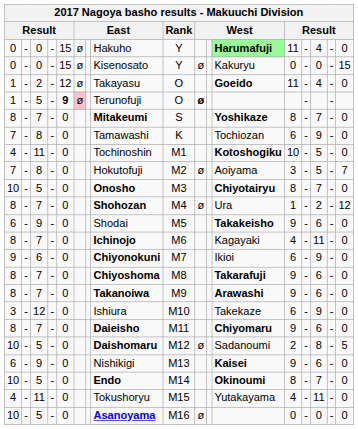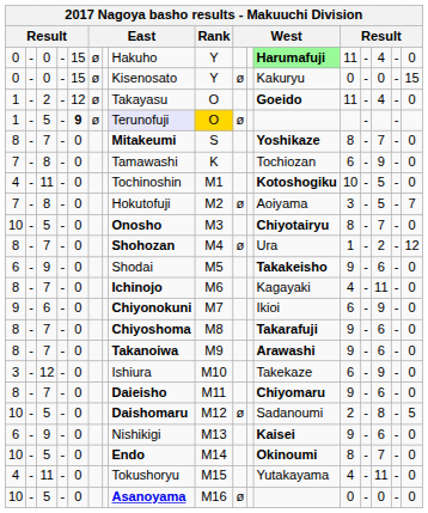 <table class="wikitable">
 <tr>
 <th colspan="17">2017 Nagoya basho results - Makuuchi Division</th>
 </tr>
 <tr>
 <th colspan="5">Result</th>
 <th colspan="3">East</th>
 <th>Rank</th>
 <th colspan="3">West</th>
 <th colspan="5">Result</th>
 </tr>
 <tr>
 <td align=center>0</td>
 <td align=center>-</td>
 <td align=center>0</td>
 <td align=center>-</td>
 <td align=center>15</td>
 <td align=center>ø</td>
 <td align=center></td>
 <td>Hakuho</td>
 <td align=center>Y</td>
 <td align=center></td>
 <td align=center></td>
 <td style="background: PaleGreen;"><strong>Harumafuji</strong></td>
 <td align=center>11</td>
 <td align=center>-</td>
 <td align=center>4</td>
 <td align=center>-</td>
 <td align=center>0</td>
 </tr>
 <tr>
 <td align=center>0</td>
 <td align=center>-</td>
 <td align=center>0</td>
 <td align=center>-</td>
 <td align=center>15</td>
 <td align=center>ø</td>
 <td align=center></td>
 <td>Kisenosato</td>
 <td align=center>Y</td>
 <td align=center>ø</td>
 <td align=center></td>
 <td>Kakuryu</td>
 <td align=center>0</td>
 <td align=center>-</td>
 <td align=center>0</td>
 <td align=center>-</td>
 <td align=center>15</td>
 </tr>
 <tr>
 <td align=center>1</td>
 <td align=center>-</td>
 <td align=center>2</td>
 <td align=center>-</td>
 <td align=center>12</td>
 <td align=center>ø</td>
 <td align=center></td>
 <td>Takayasu</td>
 <td align=center>O</td>
 <td align=center></td>
 <td align=center></td>
 <td><strong>Goeido</strong></td>
 <td align=center>11</td>
 <td align=center>-</td>
 <td align=center>4</td>
 <td align=center>-</td>
 <td align=center>0</td>
 </tr>
 <tr>
 <td align=center>1</td>
 <td align=center>-</td>
 <td align=center>5</td>
 <td align=center>-</td>
 <td align=center><strong>9</strong></td>
-<td align=center style="background: pink;">ø</td>
+<td align=center>ø</td>
 <td align=center></td>
-<td>Terunofuji</td>
-<td align=center>O</td>
-<td align=center><strong>ø</strong></td>
+<td style="background: lavender;">Terunofuji</td>
+<td align=center style="background: gold;">O</td>
+<td align=center>ø</td>
 <td align=center></td>
 <td></td>
 <td align=center></td>
 <td align=center>-</td>
 <td align=center></td>
 <td align=center>-</td>
 <td align=center></td>
 </tr>
 <tr>
 <td align=center>8</td>
 <td align=center>-</td>
 <td align=center>7</td>
 <td align=center>-</td>
 <td align=center>0</td>
 <td align=center></td>
 <td align=center></td>
 <td><strong>Mitakeumi</strong></td>
 <td align=center>S</td>
 <td align=center></td>
 <td align=center></td>
 <td><strong>Yoshikaze</strong></td>
 <td align=center>8</td>
 <td align=center>-</td>
 <td align=center>7</td>
 <td align=center>-</td>
 <td align=center>0</td>
 </tr>
 <tr>
 <td align=center>7</td>
 <td align=center>-</td>
 <td align=center>8</td>
 <td align=center>-</td>
 <td align=center>0</td>
 <td align=center></td>
 <td align=center></td>
 <td>Tamawashi</td>
 <td align=center>K</td>
 <td align=center></td>
 <td align=center></td>
 <td>Tochiozan</td>
 <td align=center>6</td>
 <td align=center>-</td>
 <td align=center>9</td>
 <td align=center>-</td>
 <td align=center>0</td>
 </tr>
 <tr>
 <td align=center>4</td>
 <td align=center>-</td>
 <td align=center>11</td>
 <td align=center>-</td>
 <td align=center>0</td>
 <td align=center></td>
 <td align=center></td>
 <td>Tochinoshin</td>
 <td align=center>M1</td>
 <td align=center></td>
 <td align=center></td>
 <td><strong>Kotoshogiku</strong></td>
 <td align=center>10</td>
 <td align=center>-</td>
 <td align=center>5</td>
 <td align=center>-</td>
 <td align=center>0</td>
 </tr>
 <tr>
 <td align=center>7</td>
 <td align=center>-</td>
 <td align=center>8</td>
 <td align=center>-</td>
 <td align=center>0</td>
 <td align=center></td>
 <td align=center></td>
 <td>Hokutofuji</td>
 <td align=center>M2</td>
 <td align=center>ø</td>
 <td align=center></td>
 <td>Aoiyama</td>
 <td align=center>3</td>
 <td align=center>-</td>
 <td align=center>5</td>
 <td align=center>-</td>
 <td align=center>7</td>
 </tr>
 <tr>
 <td align=center>10</td>
 <td align=center>-</td>
 <td align=center>5</td>
 <td align=center>-</td>
 <td align=center>0</td>
 <td align=center></td>
 <td align=center></td>
 <td><strong>Onosho</strong></td>
 <td align=center>M3</td>
 <td align=center></td>
 <td align=center></td>
 <td><strong>Chiyotairyu</strong></td>
 <td align=center>8</td>
 <td align=center>-</td>
 <td align=center>7</td>
 <td align=center>-</td>
 <td align=center>0</td>
 </tr>
 <tr>
 <td align=center>8</td>
 <td align=center>-</td>
 <td align=center>7</td>
 <td align=center>-</td>
 <td align=center>0</td>
 <td align=center></td>
 <td align=center></td>
 <td><strong>Shohozan</strong></td>
 <td align=center>M4</td>
 <td align=center>ø</td>
 <td align=center></td>
 <td>Ura</td>
 <td align=center>1</td>
 <td align=center>-</td>
 <td align=center>2</td>
 <td align=center>-</td>
 <td align=center>12</td>
 </tr>
 <tr>
 <td align=center>6</td>
 <td align=center>-</td>
 <td align=center>9</td>
 <td align=center>-</td>
 <td align=center>0</td>
 <td align=center></td>
 <td align=center></td>
 <td>Shodai</td>
 <td align=center>M5</td>
 <td align=center></td>
 <td align=center></td>
 <td><strong>Takakeisho</strong></td>
 <td align=center>9</td>
 <td align=center>-</td>
 <td align=center>6</td>
 <td align=center>-</td>
 <td align=center>0</td>
 </tr>
 <tr>
 <td align=center>8</td>
 <td align=center>-</td>
 <td align=center>7</td>
 <td align=center>-</td>
 <td align=center>0</td>
 <td align=center></td>
 <td align=center></td>
 <td><strong>Ichinojo</strong></td>
 <td align=center>M6</td>
 <td align=center></td>
 <td align=center></td>
 <td>Kagayaki</td>
 <td align=center>4</td>
 <td align=center>-</td>
 <td align=center>11</td>
 <td align=center>-</td>
 <td align=center>0</td>
 </tr>
 <tr>
 <td align=center>9</td>
 <td align=center>-</td>
 <td align=center>6</td>
 <td align=center>-</td>
 <td align=center>0</td>
 <td align=center></td>
 <td align=center></td>
 <td><strong>Chiyonokuni</strong></td>
 <td align=center>M7</td>
 <td align=center></td>
 <td align=center></td>
 <td>Ikioi</td>
 <td align=center>6</td>
 <td align=center>-</td>
 <td align=center>9</td>
 <td align=center>-</td>
 <td align=center>0</td>
 </tr>
 <tr>
 <td align=center>8</td>
 <td align=center>-</td>
 <td align=center>7</td>
 <td align=center>-</td>
 <td align=center>0</td>
 <td align=center></td>
 <td align=center></td>
 <td><strong>Chiyoshoma</strong></td>
 <td align=center>M8</td>
 <td align=center></td>
 <td align=center></td>
 <td><strong>Takarafuji</strong></td>
 <td align=center>9</td>
 <td align=center>-</td>
 <td align=center>6</td>
 <td align=center>-</td>
 <td align=center>0</td>
 </tr>
 <tr>
 <td align=center>8</td>
 <td align=center>-</td>
 <td align=center>7</td>
 <td align=center>-</td>
 <td align=center>0</td>
 <td align=center></td>
 <td align=center></td>
 <td><strong>Takanoiwa</strong></td>
 <td align=center>M9</td>
 <td align=center></td>
 <td align=center></td>
 <td><strong>Arawashi</strong></td>
 <td align=center>9</td>
 <td align=center>-</td>
 <td align=center>6</td>
 <td align=center>-</td>
 <td align=center>0</td>
 </tr>
 <tr>
 <td align=center>3</td>
 <td align=center>-</td>
 <td align=center>12</td>
 <td align=center>-</td>
 <td align=center>0</td>
 <td align=center></td>
 <td align=center></td>
 <td>Ishiura</td>
 <td align=center>M10</td>
 <td align=center></td>
 <td align=center></td>
 <td>Takekaze</td>
 <td align=center>6</td>
 <td align=center>-</td>
 <td align=center>9</td>
 <td align=center>-</td>
 <td align=center>0</td>
 </tr>
 <tr>
 <td align=center>8</td>
 <td align=center>-</td>
 <td align=center>7</td>
 <td align=center>-</td>
 <td align=center>0</td>
 <td align=center></td>
 <td align=center></td>
 <td><strong>Daieisho</strong></td>
 <td align=center>M11</td>
 <td align=center></td>
 <td align=center></td>
 <td><strong>Chiyomaru</strong></td>
 <td align=center>9</td>
 <td align=center>-</td>
 <td align=center>6</td>
 <td align=center>-</td>
 <td align=center>0</td>
 </tr>
 <tr>
 <td align=center>10</td>
 <td align=center>-</td>
 <td align=center>5</td>
 <td align=center>-</td>
 <td align=center>0</td>
 <td align=center></td>
 <td align=center></td>
 <td><strong>Daishomaru</strong></td>
 <td align=center>M12</td>
 <td align=center>ø</td>
 <td align=center></td>
 <td>Sadanoumi</td>
 <td align=center>2</td>
 <td align=center>-</td>
 <td align=center>8</td>
 <td align=center>-</td>
 <td align=center>5</td>
 </tr>
 <tr>
 <td align=center>6</td>
 <td align=center>-</td>
 <td align=center>9</td>
 <td align=center>-</td>
 <td align=center>0</td>
 <td align=center></td>
 <td align=center></td>
 <td>Nishikigi</td>
 <td align=center>M13</td>
 <td align=center></td>
 <td align=center></td>
 <td><strong>Kaisei</strong></td>
 <td align=center>9</td>
 <td align=center>-</td>
 <td align=center>6</td>
 <td align=center>-</td>
 <td align=center>0</td>
 </tr>
 <tr>
 <td align=center>10</td>
 <td align=center>-</td>
 <td align=center>5</td>
 <td align=center>-</td>
 <td align=center>0</td>
 <td align=center></td>
 <td align=center></td>
 <td><strong>Endo</strong></td>
 <td align=center>M14</td>
 <td align=center></td>
 <td align=center></td>
 <td><strong>Okinoumi</strong></td>
 <td align=center>8</td>
 <td align=center>-</td>
 <td align=center>7</td>
 <td align=center>-</td>
 <td align=center>0</td>
 </tr>
 <tr>
 <td align=center>4</td>
 <td align=center>-</td>
 <td align=center>11</td>
 <td align=center>-</td>
 <td align=center>0</td>
 <td align=center></td>
 <td align=center></td>
 <td>Tokushoryu</td>
 <td align=center>M15</td>
 <td align=center></td>
 <td align=center></td>
 <td>Yutakayama</td>
 <td align=center>4</td>
 <td align=center>-</td>
 <td align=center>11</td>
 <td align=center>-</td>
 <td align=center>0</td>
 </tr>
 <tr>
 <td align=center>10</td>
 <td align=center>-</td>
 <td align=center>5</td>
 <td align=center>-</td>
 <td align=center>0</td>
 <td align=center></td>
 <td align=center></td>
 <td><strong><a href='#'>Asanoyama</a></strong></td>
 <td align=center>M16</td>
 <td align=center>ø</td>
 <td align=center></td>
 <td></td>
 <td align=center>0</td>
 <td align=center>-</td>
 <td align=center>0</td>
 <td align=center>-</td>
 <td align=center>0</td>
 </tr>
 </table>
